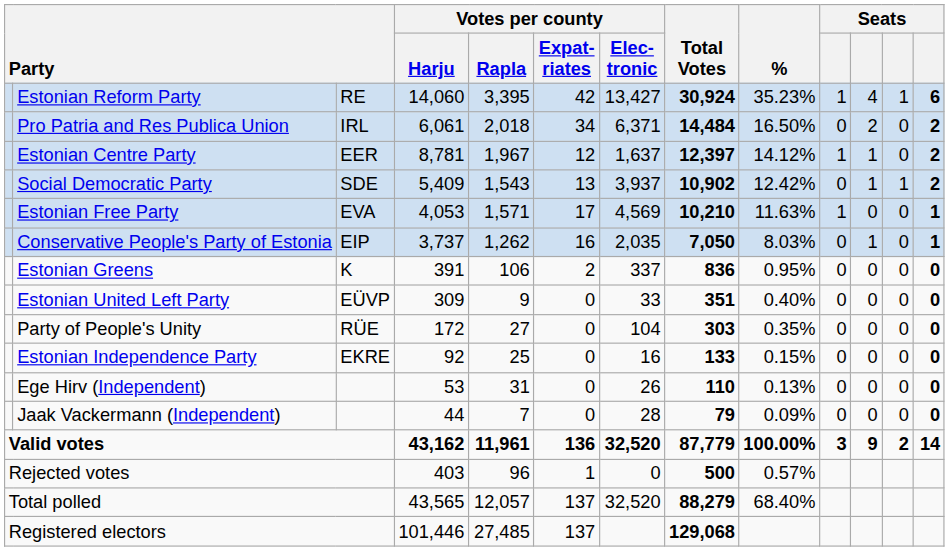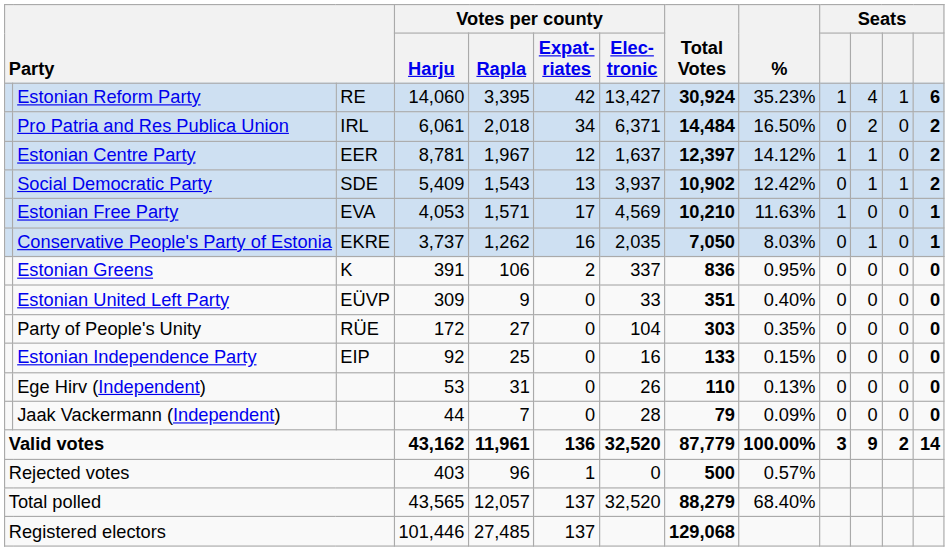 <table class="wikitable" border="1" style="text-align:right;">
 <tr>
 <th style="text-align:left;" valign=bottom rowspan=2 colspan=3>Party</th>
 <th colspan=4>Votes per county</th>
 <th align=center valign=bottom rowspan=2 width="50">Total Votes</th>
 <th align=center valign=bottom rowspan=2 width="50">%</th>
 <th colspan=4>Seats</th>
 </tr>
 <tr>
 <th align=center valign=bottom width="50"><a href='#'>Harju</a></th>
 <th align=center valign=bottom width="50"><a href='#'>Rapla</a></th>
 <th align=center valign=bottom width="50"><a href='#'>Expat- riates</a></th>
 <th align=center valign=bottom width="50"><a href='#'>Elec- tronic</a></th>
 <th align=center valign=bottom width="20"><small></small></th>
 <th align=center valign=bottom width="20"><small></small></th>
 <th align=center valign=bottom width="20"><small></small></th>
 <th align=center valign=bottom width="20"><small></small></th>
 </tr>
 <tr style="background:#CEE0F2;">
 <td style="background:"></td>
 <td align=left><a href='#'>Estonian Reform Party</a></td>
 <td align=left>RE</td>
 <td>14,060</td>
 <td>3,395</td>
 <td>42</td>
 <td>13,427</td>
 <td><strong>30,924</strong></td>
 <td>35.23%</td>
 <td>1</td>
 <td>4</td>
 <td>1</td>
 <td><strong>6</strong></td>
 </tr>
 <tr style="background:#CEE0F2;">
 <td style="background:"></td>
 <td align=left><a href='#'>Pro Patria and Res Publica Union</a></td>
 <td align=left>IRL</td>
 <td>6,061</td>
 <td>2,018</td>
 <td>34</td>
 <td>6,371</td>
 <td><strong>14,484</strong></td>
 <td>16.50%</td>
 <td>0</td>
 <td>2</td>
 <td>0</td>
 <td><strong>2</strong></td>
 </tr>
 <tr style="background:#CEE0F2;">
 <td style="background:"></td>
 <td align=left><a href='#'>Estonian Centre Party</a></td>
 <td align=left>EER</td>
 <td>8,781</td>
 <td>1,967</td>
 <td>12</td>
 <td>1,637</td>
 <td><strong>12,397</strong></td>
 <td>14.12%</td>
 <td>1</td>
 <td>1</td>
 <td>0</td>
 <td><strong>2</strong></td>
 </tr>
 <tr style="background:#CEE0F2;">
 <td style="background:"></td>
 <td align=left><a href='#'>Social Democratic Party</a></td>
 <td align=left>SDE</td>
 <td>5,409</td>
 <td>1,543</td>
 <td>13</td>
 <td>3,937</td>
 <td><strong>10,902</strong></td>
 <td>12.42%</td>
 <td>0</td>
 <td>1</td>
 <td>1</td>
 <td><strong>2</strong></td>
 </tr>
 <tr style="background:#CEE0F2;">
 <td style="background:"></td>
 <td align=left><a href='#'>Estonian Free Party</a></td>
 <td align=left>EVA</td>
 <td>4,053</td>
 <td>1,571</td>
 <td>17</td>
 <td>4,569</td>
 <td><strong>10,210</strong></td>
 <td>11.63%</td>
 <td>1</td>
 <td>0</td>
 <td>0</td>
 <td><strong>1</strong></td>
 </tr>
 <tr style="background:#CEE0F2;">
 <td style="background:"></td>
 <td align=left><a href='#'>Conservative People's Party of Estonia</a></td>
-<td align=left>EIP</td>
+<td align=left>EKRE</td>
 <td>3,737</td>
 <td>1,262</td>
 <td>16</td>
 <td>2,035</td>
 <td><strong>7,050</strong></td>
 <td>8.03%</td>
 <td>0</td>
 <td>1</td>
 <td>0</td>
 <td><strong>1</strong></td>
 </tr>
 <tr>
 <td style="background:"></td>
 <td align=left><a href='#'>Estonian Greens</a></td>
 <td align=left>K</td>
 <td>391</td>
 <td>106</td>
 <td>2</td>
 <td>337</td>
 <td><strong>836</strong></td>
 <td>0.95%</td>
 <td>0</td>
 <td>0</td>
 <td>0</td>
 <td><strong>0</strong></td>
 </tr>
 <tr>
 <td style="background:"></td>
 <td align=left><a href='#'>Estonian United Left Party</a></td>
 <td align=left>EÜVP</td>
 <td>309</td>
 <td>9</td>
 <td>0</td>
 <td>33</td>
 <td><strong>351</strong></td>
 <td>0.40%</td>
 <td>0</td>
 <td>0</td>
 <td>0</td>
 <td><strong>0</strong></td>
 </tr>
 <tr>
 <td></td>
 <td align=left>Party of People's Unity</td>
 <td align=left>RÜE</td>
 <td>172</td>
 <td>27</td>
 <td>0</td>
 <td>104</td>
 <td><strong>303</strong></td>
 <td>0.35%</td>
 <td>0</td>
 <td>0</td>
 <td>0</td>
 <td><strong>0</strong></td>
 </tr>
 <tr>
 <td style="background:"></td>
 <td align=left><a href='#'>Estonian Independence Party</a></td>
-<td align=left>EKRE</td>
+<td align=left>EIP</td>
 <td>92</td>
 <td>25</td>
 <td>0</td>
 <td>16</td>
 <td><strong>133</strong></td>
 <td>0.15%</td>
 <td>0</td>
 <td>0</td>
 <td>0</td>
 <td><strong>0</strong></td>
 </tr>
 <tr>
 <td style="background:"></td>
 <td align=left>Ege Hirv (<a href='#'>Independent</a>)</td>
 <td></td>
 <td>53</td>
 <td>31</td>
 <td>0</td>
 <td>26</td>
 <td><strong>110</strong></td>
 <td>0.13%</td>
 <td>0</td>
 <td>0</td>
 <td>0</td>
 <td><strong>0</strong></td>
 </tr>
 <tr>
 <td style="background:"></td>
 <td align=left>Jaak Vackermann (<a href='#'>Independent</a>)</td>
 <td></td>
 <td>44</td>
 <td>7</td>
 <td>0</td>
 <td>28</td>
 <td><strong>79</strong></td>
 <td>0.09%</td>
 <td>0</td>
 <td>0</td>
 <td>0</td>
 <td><strong>0</strong></td>
 </tr>
 <tr style="font-weight:bold">
 <td align=left colspan=3>Valid votes</td>
 <td>43,162</td>
 <td>11,961</td>
 <td>136</td>
 <td>32,520</td>
 <td>87,779</td>
 <td>100.00%</td>
 <td>3</td>
 <td>9</td>
 <td>2</td>
 <td>14</td>
 </tr>
 <tr>
 <td align=left colspan=3>Rejected votes</td>
 <td>403</td>
 <td>96</td>
 <td>1</td>
 <td>0</td>
 <td><strong>500</strong></td>
 <td>0.57%</td>
 <td></td>
 <td></td>
 <td></td>
 <td></td>
 </tr>
 <tr>
 <td align=left colspan=3>Total polled</td>
 <td>43,565</td>
 <td>12,057</td>
 <td>137</td>
 <td>32,520</td>
 <td><strong>88,279</strong></td>
 <td>68.40%</td>
 <td></td>
 <td></td>
 <td></td>
 <td></td>
 </tr>
 <tr>
 <td align=left colspan=3>Registered electors</td>
 <td>101,446</td>
 <td>27,485</td>
 <td>137</td>
 <td></td>
 <td><strong>129,068</strong></td>
 <td></td>
 <td></td>
 <td></td>
 <td></td>
 <td></td>
 </tr>
 </table>
